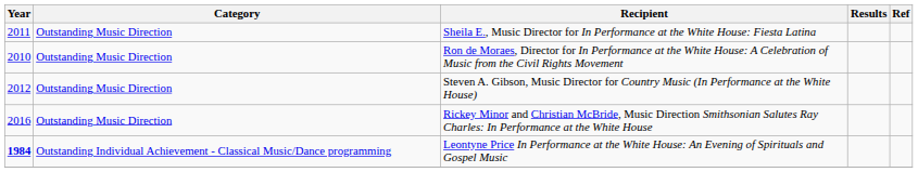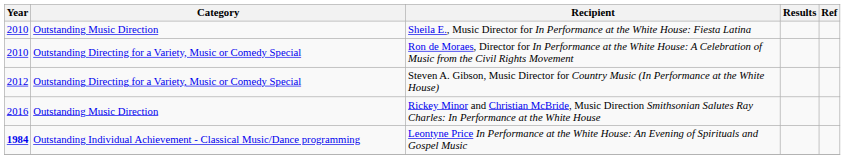 <table class="wikitable">
 <tr>
 <th scope="col" style="width:1em;">Year</th>
 <th scope="col" style="width:35em;">Category</th>
 <th scope="col" style="width:35em;">Recipient</th>
 <th scope="col" style="width:1em;">Results</th>
 <th scope="col" style="width:1em;">Ref</th>
 </tr>
 <tr>
-<td rowspan="1"><a href='#'>2011</a></td>
+<td rowspan="1"><a href='#'>2010</a></td>
 <td><a href='#'>Outstanding Music Direction</a></td>
 <td><a href='#'>Sheila E.</a>, Music Director for <em>In Performance at the White House: Fiesta Latina</em></td>
 <td></td>
 <td></td>
 </tr>
 <tr>
 <td rowspan="1"><a href='#'>2010</a></td>
-<td><a href='#'>Outstanding Music Direction</a></td>
+<td><a href='#'>Outstanding Directing for a Variety, Music or Comedy Special</a></td>
 <td><a href='#'>Ron de Moraes</a>, Director for <em>In Performance at the White House: A Celebration of Music from the Civil Rights Movement</em></td>
 <td></td>
 <td></td>
 </tr>
 <tr>
 <td rowspan="1"><a href='#'>2012</a></td>
-<td><a href='#'>Outstanding Music Direction</a></td>
+<td><a href='#'>Outstanding Directing for a Variety, Music or Comedy Special</a></td>
 <td>Steven A. Gibson, Music Director for <em>Country Music (In Performance at the White House)</em></td>
 <td></td>
 <td></td>
 </tr>
 <tr>
 <td rowspan="1"><a href='#'>2016</a></td>
 <td><a href='#'>Outstanding Music Direction</a></td>
 <td><a href='#'>Rickey Minor</a> and <a href='#'>Christian McBride</a>, Music Direction <em>Smithsonian Salutes Ray Charles: In Performance at the White House</em></td>
 <td></td>
 <td></td>
 </tr>
 <tr>
 <td rowspan="1"><strong><a href='#'>1984</a></strong></td>
 <td><a href='#'>Outstanding Individual Achievement - Classical Music/Dance programming</a></td>
 <td><a href='#'>Leontyne Price</a> <em>In Performance at the White House: An Evening of Spirituals and Gospel Music</em></td>
 <td></td>
 <td></td>
 </tr>
 <tr>
 </tr>
 </table>
